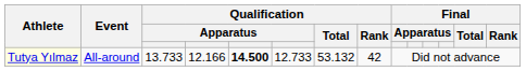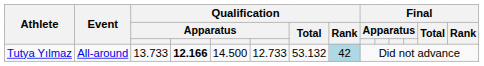 <table class="wikitable" style="font-size:90%">
 <tr>
 <th rowspan=3>Athlete</th>
 <th rowspan=3>Event</th>
 <th colspan=6>Qualification</th>
 <th colspan=6>Final</th>
 </tr>
 <tr style="font-size:95%">
 <th colspan=4>Apparatus</th>
 <th rowspan=2>Total</th>
 <th rowspan=2>Rank</th>
 <th colspan=4>Apparatus</th>
 <th rowspan=2>Total</th>
 <th rowspan=2>Rank</th>
 </tr>
 <tr style="font-size:95%">
 <th></th>
 <th></th>
 <th></th>
 <th></th>
 <th></th>
 <th></th>
 <th></th>
 <th></th>
 </tr>
 <tr align=center>
-<td align=left style="background: lightyellow;"><a href='#'>Tutya Yılmaz</a></td>
+<td align=left><a href='#'>Tutya Yılmaz</a></td>
 <td align=left><a href='#'>All-around</a></td>
 <td>13.733</td>
-<td>12.166</td>
-<td><strong>14.500</strong></td>
+<td><strong>12.166</strong></td>
+<td>14.500</td>
 <td>12.733</td>
 <td>53.132</td>
-<td>42</td>
+<td style="background: lightblue;">42</td>
 <td colspan=6>Did not advance</td>
 </tr>
 </table>
